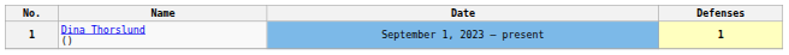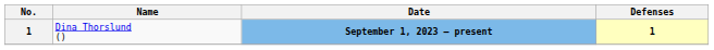 <table class="wikitable sortable" style="width:80%;">
 <tr>
 <th>No.</th>
 <th>Name</th>
 <th>Date</th>
 <th>Defenses</th>
 </tr>
 <tr align=center>
 <th>1</th>
 <td align=left> <a href='#'>Dina Thorslund</a><br>()</td>
-<td style="background:#7CB9E8;">September 1, 2023 – present</td>
+<td style="background:#7CB9E8;"><strong>September 1, 2023 – present</strong></td>
 <td style="background:#ffffbf;"><strong>1</strong></td>
 </tr>
 <tr>
 </tr>
 </table>
